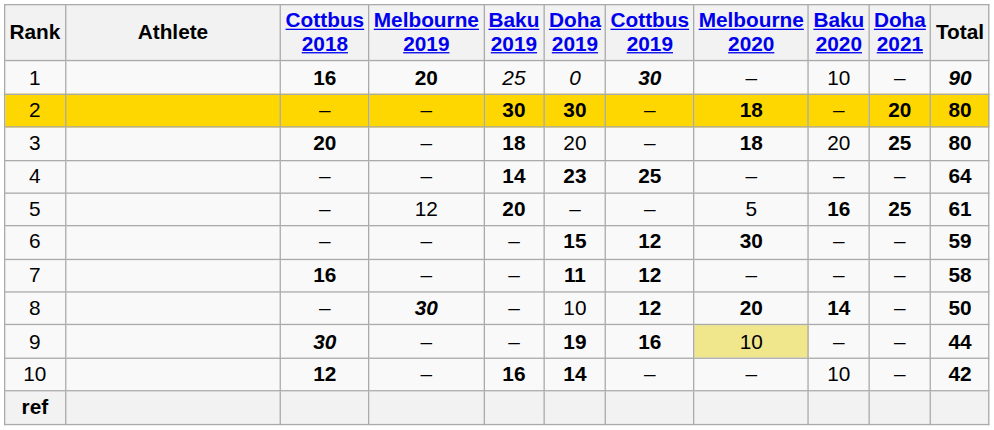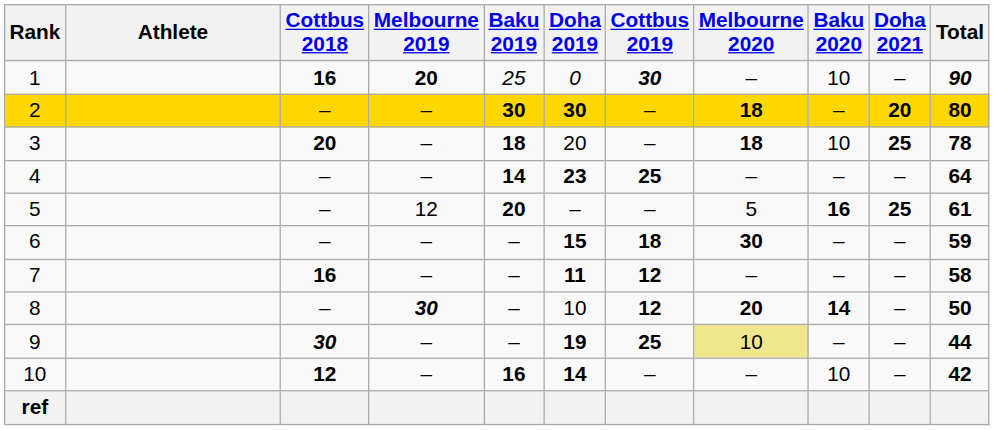 <table style="width:60%;" class="wikitable">
 <tr>
 <th style="text-align:center; width:6%;">Rank</th>
 <th style="text-align:center; width:30%;">Athlete</th>
 <th style="text-align:center; width:6%;"><a href='#'>Cottbus 2018</a></th>
 <th style="text-align:center; width:6%;"><a href='#'>Melbourne 2019</a></th>
 <th style="text-align:center; width:6%;"><a href='#'>Baku 2019</a></th>
 <th style="text-align:center; width:6%;"><a href='#'>Doha 2019</a></th>
 <th style="text-align:center; width:6%;"><a href='#'>Cottbus 2019</a></th>
 <th style="text-align:center; width:6%;"><a href='#'>Melbourne 2020</a></th>
 <th style="text-align:center; width:6%;"><a href='#'>Baku 2020</a></th>
 <th style="text-align:center; width:6%;"><a href='#'>Doha 2021</a></th>
 <th style="text-align:center; width:6%;">Total</th>
 </tr>
 <tr scope=row style="text-align:center">
 <td>1</td>
 <td align=left><em></em> </td>
 <td><strong>16</strong></td>
 <td><strong>20</strong></td>
 <td><em>25</em></td>
 <td><em>0</em></td>
 <td><strong><em>30</em></strong></td>
 <td>–</td>
 <td>10</td>
 <td>–</td>
 <td><strong><em>90</em></strong></td>
 </tr>
 <tr scope=row style="text-align:center" bgcolor=gold>
 <td>2</td>
 <td align=left></td>
 <td>–</td>
 <td>–</td>
 <td><strong>30</strong></td>
 <td><strong>30</strong></td>
 <td>–</td>
 <td><strong>18</strong></td>
 <td>–</td>
 <td><strong>20</strong></td>
 <td><strong>80</strong></td>
 </tr>
 <tr scope=row style="text-align:center">
 <td>3</td>
 <td align=left></td>
 <td><strong>20</strong></td>
 <td>–</td>
 <td><strong>18</strong></td>
 <td>20</td>
 <td>–</td>
 <td><strong>18</strong></td>
-<td>20</td>
+<td>10</td>
 <td><strong>25</strong></td>
-<td><strong>80</strong></td>
+<td><strong>78</strong></td>
 </tr>
 <tr scope=row style="text-align:center">
 <td>4</td>
 <td align=left></td>
 <td>–</td>
 <td>–</td>
 <td><strong>14</strong></td>
 <td><strong>23</strong></td>
 <td><strong>25</strong></td>
 <td>–</td>
 <td>–</td>
 <td>–</td>
 <td><strong>64</strong></td>
 </tr>
 <tr scope=row style="text-align:center">
 <td>5</td>
 <td align=left></td>
 <td>–</td>
 <td>12</td>
 <td><strong>20</strong></td>
 <td>–</td>
 <td>–</td>
 <td>5</td>
 <td><strong>16</strong></td>
 <td><strong>25</strong></td>
 <td><strong>61</strong></td>
 </tr>
 <tr scope=row style="text-align:center">
 <td>6</td>
 <td align=left></td>
 <td>–</td>
 <td>–</td>
 <td>–</td>
 <td><strong>15</strong></td>
-<td><strong>12</strong></td>
+<td><strong>18</strong></td>
 <td><strong>30</strong></td>
 <td>–</td>
 <td>–</td>
 <td><strong>59</strong></td>
 </tr>
 <tr scope=row style="text-align:center">
 <td>7</td>
 <td align=left></td>
 <td><strong>16</strong></td>
 <td>–</td>
 <td>–</td>
 <td><strong>11</strong></td>
 <td><strong>12</strong></td>
 <td>–</td>
 <td>–</td>
 <td>–</td>
 <td><strong>58</strong></td>
 </tr>
 <tr scope=row style="text-align:center">
 <td>8</td>
 <td align=left></td>
 <td>–</td>
 <td><strong><em>30</em></strong></td>
 <td>–</td>
 <td>10</td>
 <td><strong>12</strong></td>
 <td><strong>20</strong></td>
 <td><strong>14</strong></td>
 <td>–</td>
 <td><strong>50</strong></td>
 </tr>
 <tr scope=row style="text-align:center">
 <td>9</td>
 <td align=left></td>
 <td><strong><em>30</em></strong></td>
 <td>–</td>
 <td>–</td>
 <td><strong>19</strong></td>
-<td><strong>16</strong></td>
+<td><strong>25</strong></td>
 <td style="background: khaki;">10</td>
 <td>–</td>
 <td>–</td>
 <td><strong>44</strong></td>
 </tr>
 <tr scope=row style="text-align:center">
 <td>10</td>
 <td align=left></td>
 <td><strong>12</strong></td>
 <td>–</td>
 <td><strong>16</strong></td>
 <td><strong>14</strong></td>
 <td>–</td>
 <td>–</td>
 <td>10</td>
 <td>–</td>
 <td><strong>42</strong></td>
 </tr>
 <tr scope=row style="text-align:center">
 <th>ref</th>
 <th></th>
 <th></th>
 <th></th>
 <th></th>
 <th></th>
 <th></th>
 <th></th>
 <th></th>
 <th></th>
 <th></th>
 </tr>
 </table>
